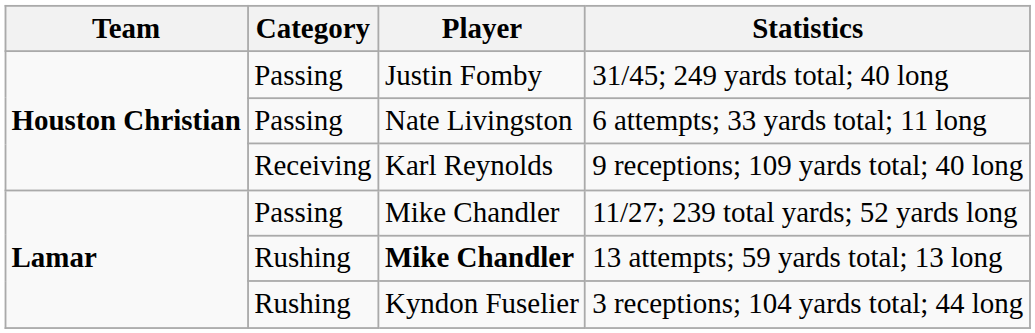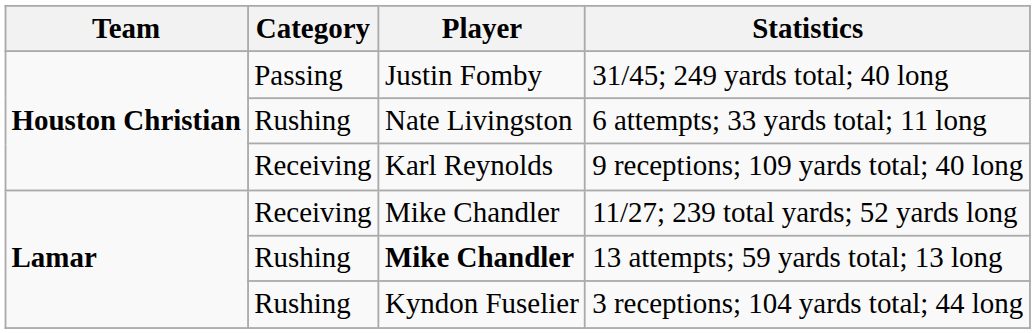 <table class="wikitable" style="float: right;">
 <tr>
 <th>Team</th>
 <th>Category</th>
 <th>Player</th>
 <th>Statistics</th>
 </tr>
 <tr>
 <td rowspan=3><strong>Houston Christian</strong></td>
 <td>Passing</td>
 <td>Justin Fomby</td>
 <td>31/45; 249 yards total; 40 long</td>
 </tr>
 <tr>
-<td>Passing</td>
+<td>Rushing</td>
 <td>Nate Livingston</td>
 <td>6 attempts; 33 yards total; 11 long</td>
 </tr>
 <tr>
 <td>Receiving</td>
 <td>Karl Reynolds</td>
 <td>9 receptions; 109 yards total; 40 long</td>
 </tr>
 <tr>
 <td rowspan=3><strong>Lamar</strong></td>
-<td>Passing</td>
+<td>Receiving</td>
 <td>Mike Chandler</td>
 <td>11/27; 239 total yards; 52 yards long</td>
 </tr>
 <tr>
 <td>Rushing</td>
 <td><strong>Mike Chandler</strong></td>
 <td>13 attempts; 59 yards total; 13 long</td>
 </tr>
 <tr>
 <td>Rushing</td>
 <td>Kyndon Fuselier</td>
 <td>3 receptions; 104 yards total; 44 long</td>
 </tr>
 </table>
